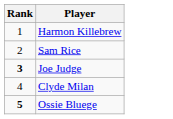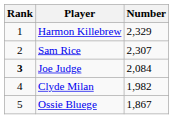 <table class="wikitable" style="font-size: 95%; text-align:left;">
 <tr>
 <th>Rank</th>
 <th>Player</th>
+<th>Number</th>
 </tr>
 <tr>
 <td align="center">1</td>
 <td><a href='#'>Harmon Killebrew</a></td>
+<td>2,329</td>
 </tr>
 <tr>
 <td align="center">2</td>
 <td><a href='#'>Sam Rice</a></td>
+<td>2,307</td>
 </tr>
 <tr>
 <td align="center"><strong>3</strong></td>
 <td><a href='#'>Joe Judge</a></td>
+<td>2,084</td>
 </tr>
 <tr>
 <td align="center">4</td>
 <td><a href='#'>Clyde Milan</a></td>
+<td>1,982</td>
 </tr>
 <tr>
-<td align="center"><strong>5</strong></td>
+<td align="center">5</td>
 <td><a href='#'>Ossie Bluege</a></td>
+<td>1,867</td>
 </tr>
 </table>
